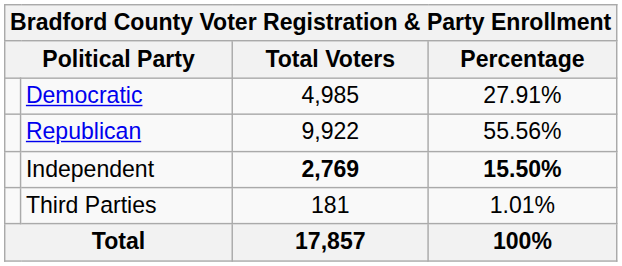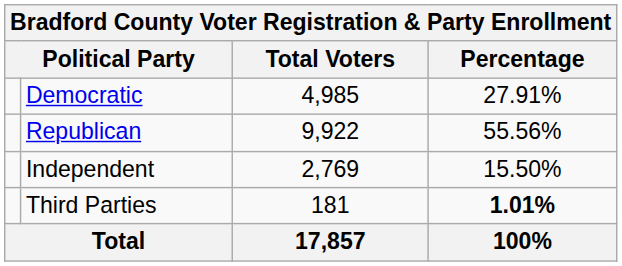 <table class=wikitable>
 <tr>
 <th colspan = 6>Bradford County Voter Registration & Party Enrollment </th>
 </tr>
 <tr>
 <th colspan = 2>Political Party</th>
 <th>Total Voters</th>
 <th>Percentage</th>
 </tr>
 <tr>
 <td></td>
 <td><a href='#'>Democratic</a></td>
 <td align = center>4,985</td>
 <td align = center>27.91%</td>
 </tr>
 <tr>
 <td></td>
 <td><a href='#'>Republican</a></td>
 <td align = center>9,922</td>
 <td align = center>55.56%</td>
 </tr>
 <tr>
 <td></td>
 <td>Independent</td>
-<td align = center><strong>2,769</strong></td>
-<td align = center><strong>15.50%</strong></td>
+<td align = center>2,769</td>
+<td align = center>15.50%</td>
 </tr>
 <tr>
 <td></td>
 <td>Third Parties</td>
 <td align = center>181</td>
-<td align = center>1.01%</td>
+<td align = center><strong>1.01%</strong></td>
 </tr>
 <tr>
 <th colspan = 2>Total</th>
 <th align = center>17,857</th>
 <th align = center>100%</th>
 </tr>
 </table>
